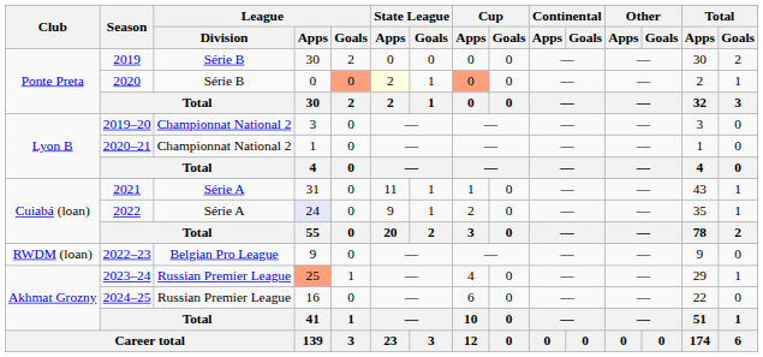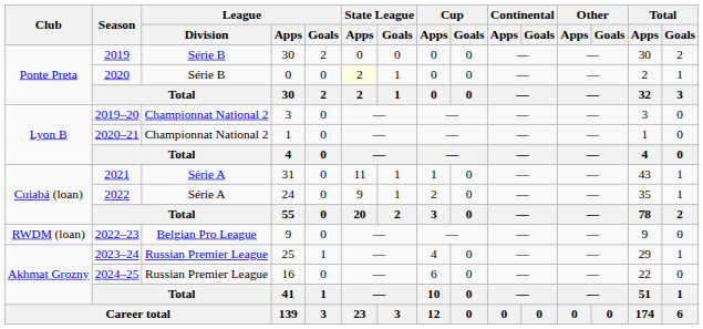 <table class="wikitable" style="text-align: center">
 <tr>
 <th rowspan="2">Club</th>
 <th rowspan="2">Season</th>
 <th colspan="3">League</th>
 <th colspan="2">State League</th>
 <th colspan="2">Cup</th>
 <th colspan="2">Continental</th>
 <th colspan="2">Other</th>
 <th colspan="2">Total</th>
 </tr>
 <tr>
 <th>Division</th>
 <th>Apps</th>
 <th>Goals</th>
 <th>Apps</th>
 <th>Goals</th>
 <th>Apps</th>
 <th>Goals</th>
 <th>Apps</th>
 <th>Goals</th>
 <th>Apps</th>
 <th>Goals</th>
 <th>Apps</th>
 <th>Goals</th>
 </tr>
 <tr>
 <td rowspan="3"><a href='#'>Ponte Preta</a></td>
 <td><a href='#'>2019</a></td>
 <td><a href='#'>Série B</a></td>
 <td>30</td>
 <td>2</td>
 <td>0</td>
 <td>0</td>
 <td>0</td>
 <td>0</td>
 <td colspan="2">—</td>
 <td colspan="2">—</td>
 <td>30</td>
 <td>2</td>
 </tr>
 <tr>
 <td><a href='#'>2020</a></td>
 <td>Série B</td>
 <td>0</td>
-<td style="background: lightsalmon;">0</td>
+<td>0</td>
 <td style="background: lightyellow;">2</td>
 <td>1</td>
-<td style="background: lightsalmon;">0</td>
+<td>0</td>
 <td>0</td>
 <td colspan="2">—</td>
 <td colspan="2">—</td>
 <td>2</td>
 <td>1</td>
 </tr>
 <tr>
 <th colspan="2">Total</th>
 <th>30</th>
 <th>2</th>
 <th>2</th>
 <th>1</th>
 <th>0</th>
 <th>0</th>
 <th colspan="2">—</th>
 <th colspan="2">—</th>
 <th>32</th>
 <th>3</th>
 </tr>
 <tr>
 <td rowspan="3"><a href='#'>Lyon B</a></td>
 <td><a href='#'>2019–20</a></td>
 <td><a href='#'>Championnat National 2</a></td>
 <td>3</td>
 <td>0</td>
 <td colspan="2">—</td>
 <td colspan="2">—</td>
 <td colspan="2">—</td>
 <td colspan="2">—</td>
 <td>3</td>
 <td>0</td>
 </tr>
 <tr>
 <td><a href='#'>2020–21</a></td>
 <td>Championnat National 2</td>
 <td>1</td>
 <td>0</td>
 <td colspan="2">—</td>
 <td colspan="2">—</td>
 <td colspan="2">—</td>
 <td colspan="2">—</td>
 <td>1</td>
 <td>0</td>
 </tr>
 <tr>
 <th colspan="2">Total</th>
 <th>4</th>
 <th>0</th>
 <th colspan="2">—</th>
 <th colspan="2">—</th>
 <th colspan="2">—</th>
 <th colspan="2">—</th>
 <th>4</th>
 <th>0</th>
 </tr>
 <tr>
 <td rowspan="3"><a href='#'>Cuiabá</a> (loan)</td>
 <td><a href='#'>2021</a></td>
 <td><a href='#'>Série A</a></td>
 <td>31</td>
 <td>0</td>
 <td>11</td>
 <td>1</td>
 <td>1</td>
 <td>0</td>
 <td colspan="2">—</td>
 <td colspan="2">—</td>
 <td>43</td>
 <td>1</td>
 </tr>
 <tr>
 <td><a href='#'>2022</a></td>
 <td>Série A</td>
-<td style="background: lavender;">24</td>
+<td>24</td>
 <td>0</td>
 <td>9</td>
 <td>1</td>
 <td>2</td>
 <td>0</td>
 <td colspan="2">—</td>
 <td colspan="2">—</td>
 <td>35</td>
 <td>1</td>
 </tr>
 <tr>
 <th colspan="2">Total</th>
 <th>55</th>
 <th>0</th>
 <th>20</th>
 <th>2</th>
 <th>3</th>
 <th>0</th>
 <th colspan="2">—</th>
 <th colspan="2">—</th>
 <th>78</th>
 <th>2</th>
 </tr>
 <tr>
 <td><a href='#'>RWDM</a> (loan)</td>
 <td><a href='#'>2022–23</a></td>
 <td><a href='#'>Belgian Pro League</a></td>
 <td>9</td>
 <td>0</td>
 <td colspan="2">—</td>
 <td colspan="2">—</td>
 <td colspan="2">—</td>
 <td colspan="2">—</td>
 <td>9</td>
 <td>0</td>
 </tr>
 <tr>
 <td rowspan="3"><a href='#'>Akhmat Grozny</a></td>
 <td><a href='#'>2023–24</a></td>
 <td><a href='#'>Russian Premier League</a></td>
-<td style="background: lightsalmon;">25</td>
+<td>25</td>
 <td>1</td>
 <td colspan="2">—</td>
 <td>4</td>
 <td>0</td>
 <td colspan="2">—</td>
 <td colspan="2">—</td>
 <td>29</td>
 <td>1</td>
 </tr>
 <tr>
 <td><a href='#'>2024–25</a></td>
 <td>Russian Premier League</td>
 <td>16</td>
 <td>0</td>
 <td colspan="2">—</td>
 <td>6</td>
 <td>0</td>
 <td colspan="2">—</td>
 <td colspan="2">—</td>
 <td>22</td>
 <td>0</td>
 </tr>
 <tr>
 <th colspan="2">Total</th>
 <th>41</th>
 <th>1</th>
 <th colspan="2">—</th>
 <th>10</th>
 <th>0</th>
 <th colspan="2">—</th>
 <th colspan="2">—</th>
 <th>51</th>
 <th>1</th>
 </tr>
 <tr>
 <th colspan="3">Career total</th>
 <th>139</th>
 <th>3</th>
 <th>23</th>
 <th>3</th>
 <th>12</th>
 <th>0</th>
 <th>0</th>
 <th>0</th>
 <th>0</th>
 <th>0</th>
 <th>174</th>
 <th>6</th>
 </tr>
 </table>
